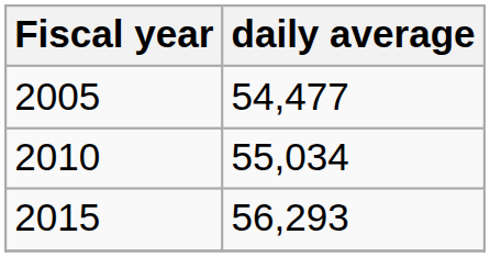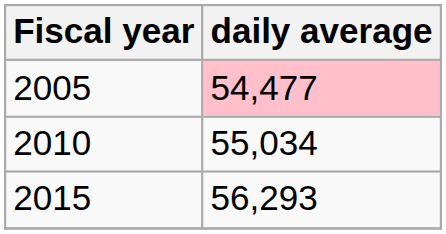 <table class="wikitable">
 <tr>
 <th>Fiscal year</th>
 <th>daily average</th>
 </tr>
 <tr>
 <td>2005</td>
-<td>54,477</td>
+<td style="background: pink;">54,477</td>
 </tr>
 <tr>
 <td>2010</td>
 <td>55,034</td>
 </tr>
 <tr>
 <td>2015</td>
 <td>56,293</td>
 </tr>
 <tr>
 </tr>
 </table>
